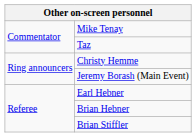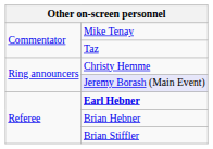 <table align="right" class="wikitable" style="border:1px; font-size:90%; margin-left:1em;">
 <tr>
 <th colspan="2" width="250"><strong>Other on-screen personnel</strong></th>
 </tr>
 <tr>
 <td rowspan=2><a href='#'>Commentator</a></td>
 <td><a href='#'>Mike Tenay</a></td>
 </tr>
 <tr>
 <td><a href='#'>Taz</a></td>
 </tr>
 <tr>
 <td rowspan=2><a href='#'>Ring announcers</a></td>
 <td><a href='#'>Christy Hemme</a></td>
 </tr>
 <tr>
-<td><a href='#'>Jeremy Borash</a> (Main Event)</td>
+<td style="background: lavender;"><a href='#'>Jeremy Borash</a> (Main Event)</td>
 </tr>
 <tr>
 <td rowspan=3><a href='#'>Referee</a></td>
-<td><a href='#'>Earl Hebner</a></td>
+<td><strong><a href='#'>Earl Hebner</a></strong></td>
 </tr>
 <tr>
 <td><a href='#'>Brian Hebner</a></td>
 </tr>
 <tr>
 <td><a href='#'>Brian Stiffler</a></td>
 </tr>
 <tr>
 </tr>
 </table>
